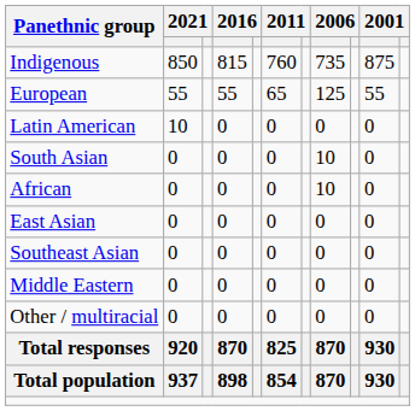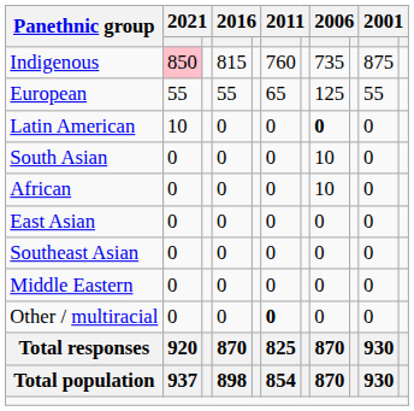 <table class="wikitable collapsible sortable">
 <tr>
 <th rowspan="2"><a href='#'>Panethnic</a> group</th>
 <th colspan="2">2021</th>
 <th colspan="2">2016</th>
 <th colspan="2">2011</th>
 <th colspan="2">2006</th>
 <th colspan="2">2001</th>
 </tr>
 <tr>
 <th><a href='#'></a></th>
 <th></th>
 <th></th>
 <th></th>
 <th></th>
 <th></th>
 <th></th>
 <th></th>
 <th></th>
 <th></th>
 </tr>
 <tr>
 <td><a href='#'>Indigenous</a></td>
-<td>850</td>
+<td style="background: pink;">850</td>
 <td></td>
 <td>815</td>
 <td></td>
 <td>760</td>
 <td></td>
 <td>735</td>
 <td></td>
 <td>875</td>
 <td></td>
 </tr>
 <tr>
 <td><a href='#'>European</a></td>
 <td>55</td>
 <td></td>
 <td>55</td>
 <td></td>
 <td>65</td>
 <td></td>
 <td>125</td>
 <td></td>
 <td>55</td>
 <td></td>
 </tr>
 <tr>
 <td><a href='#'>Latin American</a></td>
 <td>10</td>
 <td></td>
 <td>0</td>
 <td></td>
 <td>0</td>
 <td></td>
-<td>0</td>
+<td><strong>0</strong></td>
 <td></td>
 <td>0</td>
 <td></td>
 </tr>
 <tr>
 <td><a href='#'>South Asian</a></td>
 <td>0</td>
 <td></td>
 <td>0</td>
 <td></td>
 <td>0</td>
 <td></td>
 <td>10</td>
 <td></td>
 <td>0</td>
 <td></td>
 </tr>
 <tr>
 <td><a href='#'>African</a></td>
 <td>0</td>
 <td></td>
 <td>0</td>
 <td></td>
 <td>0</td>
 <td></td>
 <td>10</td>
 <td></td>
 <td>0</td>
 <td></td>
 </tr>
 <tr>
 <td><a href='#'>East Asian</a></td>
 <td>0</td>
 <td></td>
 <td>0</td>
 <td></td>
 <td>0</td>
 <td></td>
 <td>0</td>
 <td></td>
 <td>0</td>
 <td></td>
 </tr>
 <tr>
 <td><a href='#'>Southeast Asian</a></td>
 <td>0</td>
 <td></td>
 <td>0</td>
 <td></td>
 <td>0</td>
 <td></td>
 <td>0</td>
 <td></td>
 <td>0</td>
 <td></td>
 </tr>
 <tr>
 <td><a href='#'>Middle Eastern</a></td>
 <td>0</td>
 <td></td>
 <td>0</td>
 <td></td>
 <td>0</td>
 <td></td>
 <td>0</td>
 <td></td>
 <td>0</td>
 <td></td>
 </tr>
 <tr>
 <td>Other / <a href='#'>multiracial</a></td>
 <td>0</td>
 <td></td>
 <td>0</td>
 <td></td>
-<td>0</td>
+<td><strong>0</strong></td>
 <td></td>
 <td>0</td>
 <td></td>
 <td>0</td>
 <td></td>
 </tr>
 <tr>
 <th>Total responses</th>
 <th>920</th>
 <th></th>
 <th>870</th>
 <th></th>
 <th>825</th>
 <th></th>
 <th>870</th>
 <th></th>
 <th>930</th>
 <th></th>
 </tr>
 <tr class="sortbottom">
 <th>Total population</th>
 <th>937</th>
 <th></th>
 <th>898</th>
 <th></th>
 <th>854</th>
 <th></th>
 <th>870</th>
 <th></th>
 <th>930</th>
 <th></th>
 </tr>
 <tr class="sortbottom">
 <td colspan="11"></td>
 </tr>
 </table>
